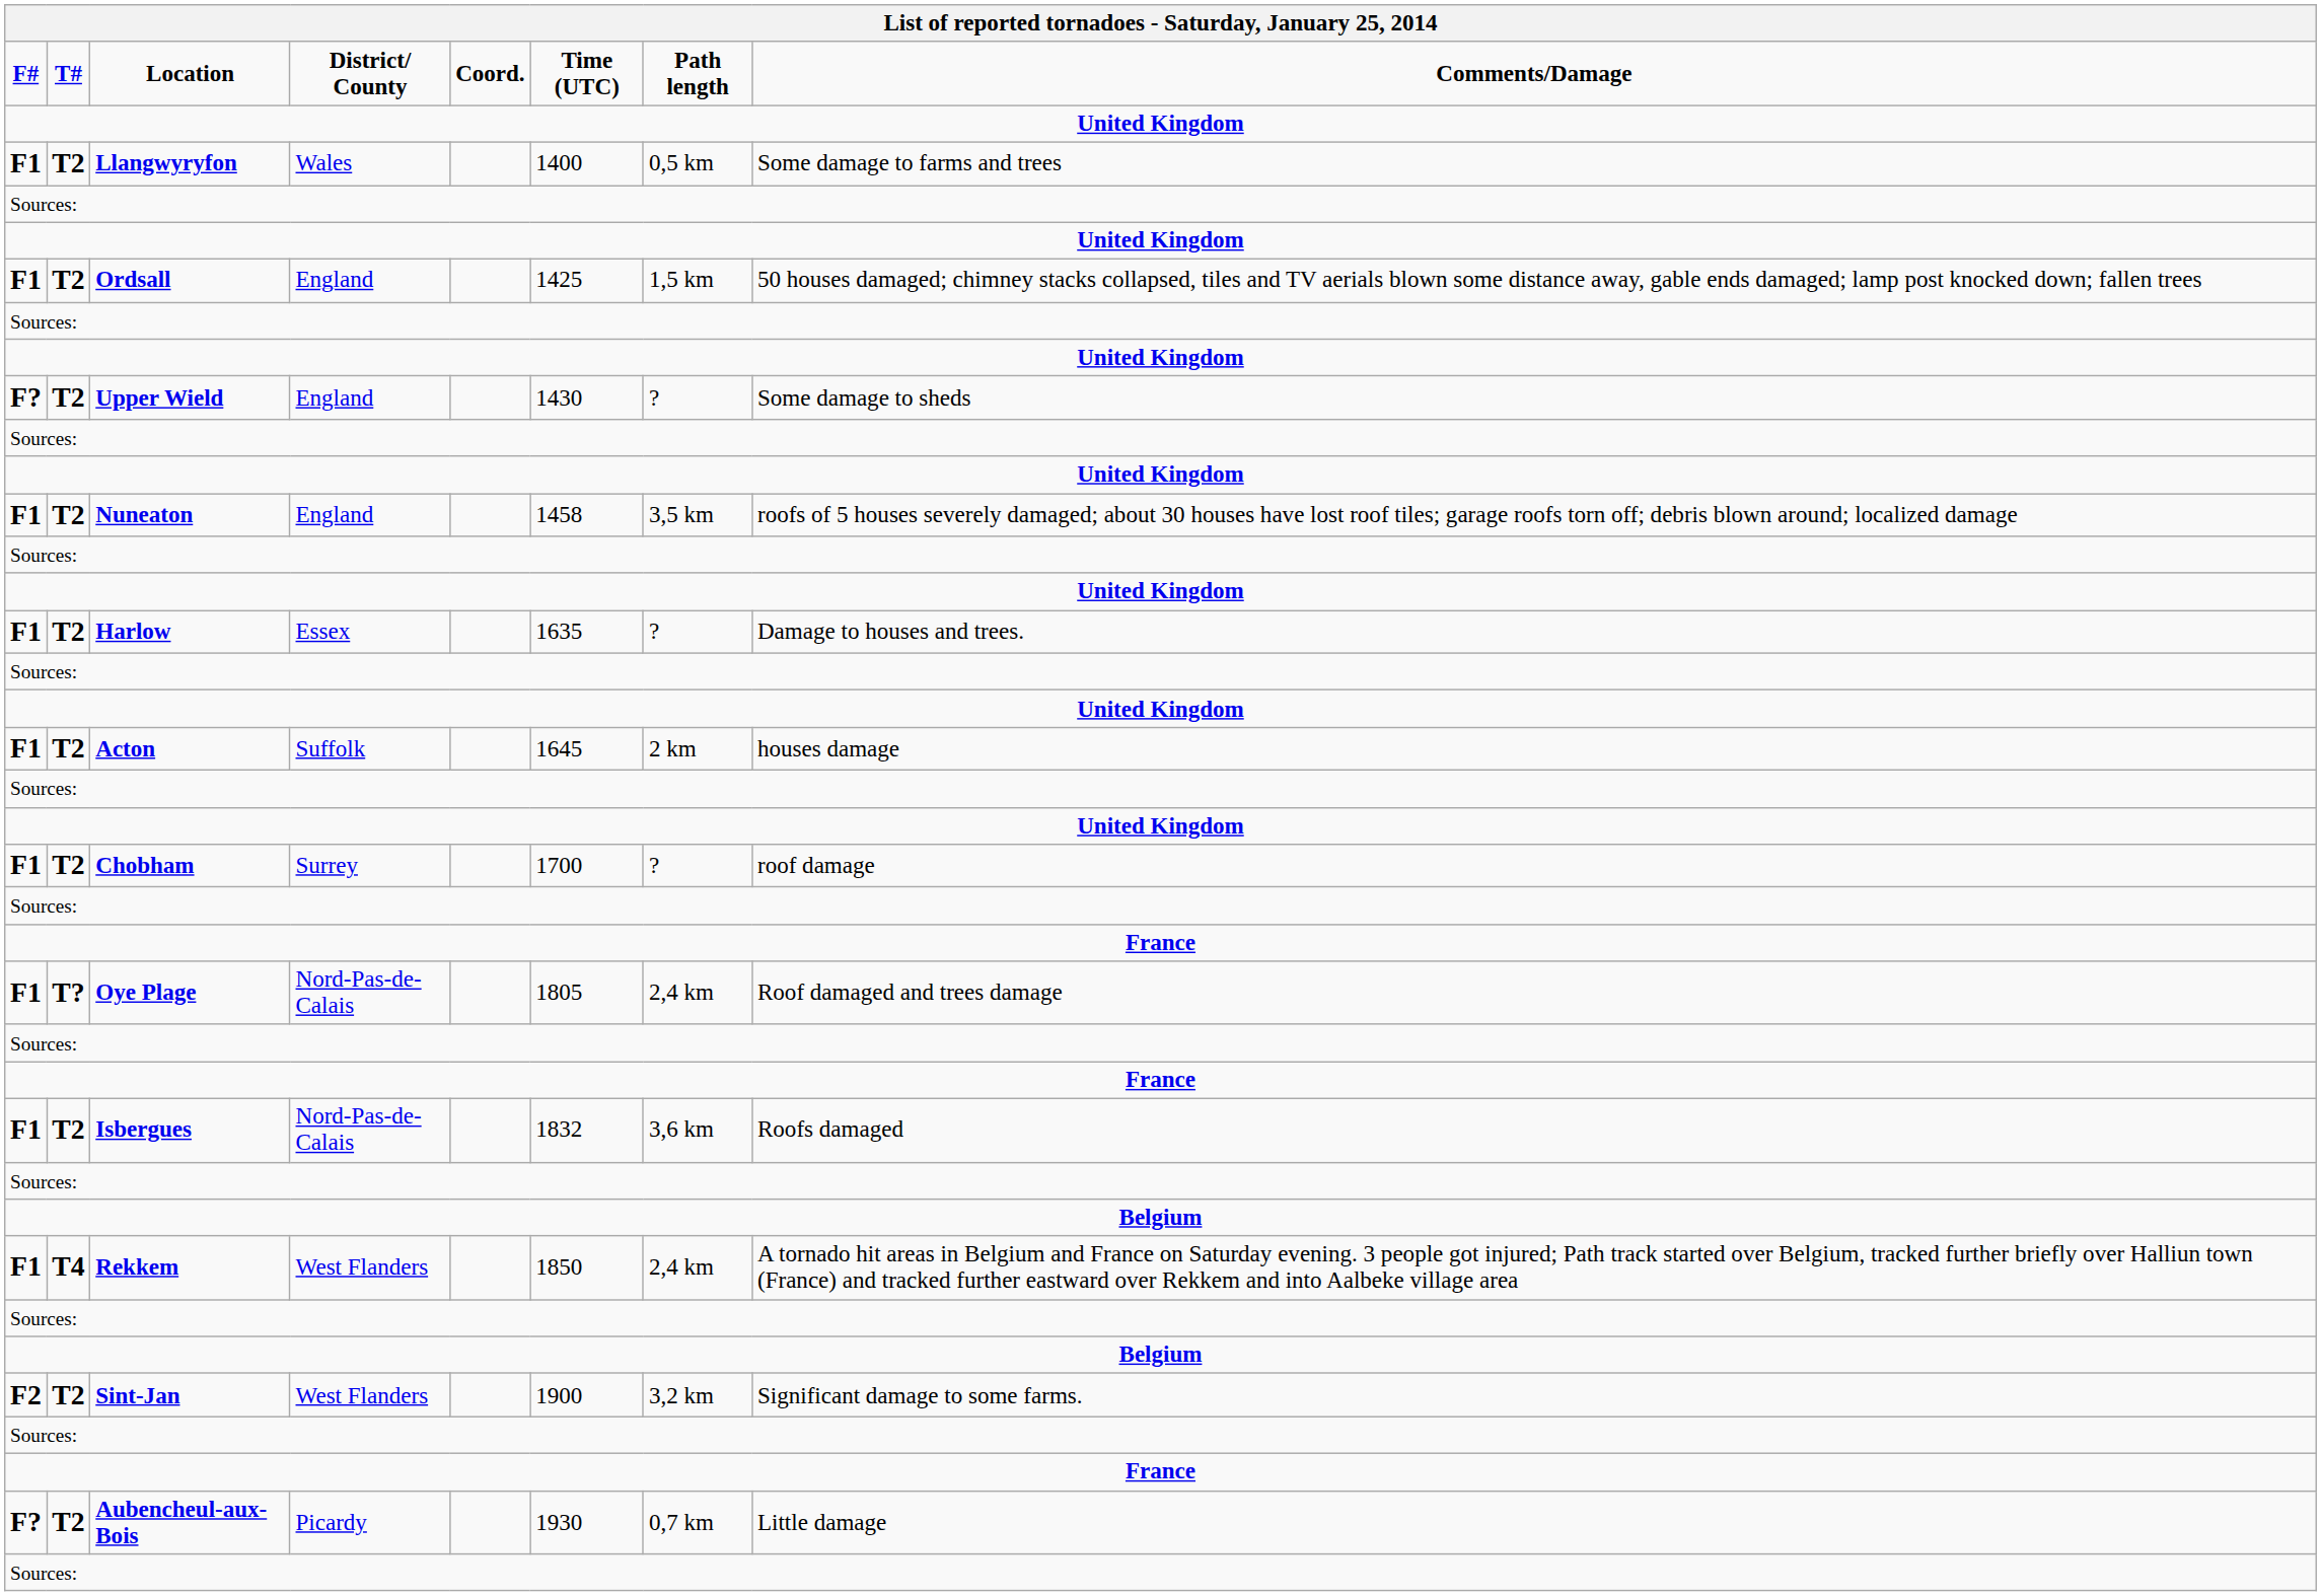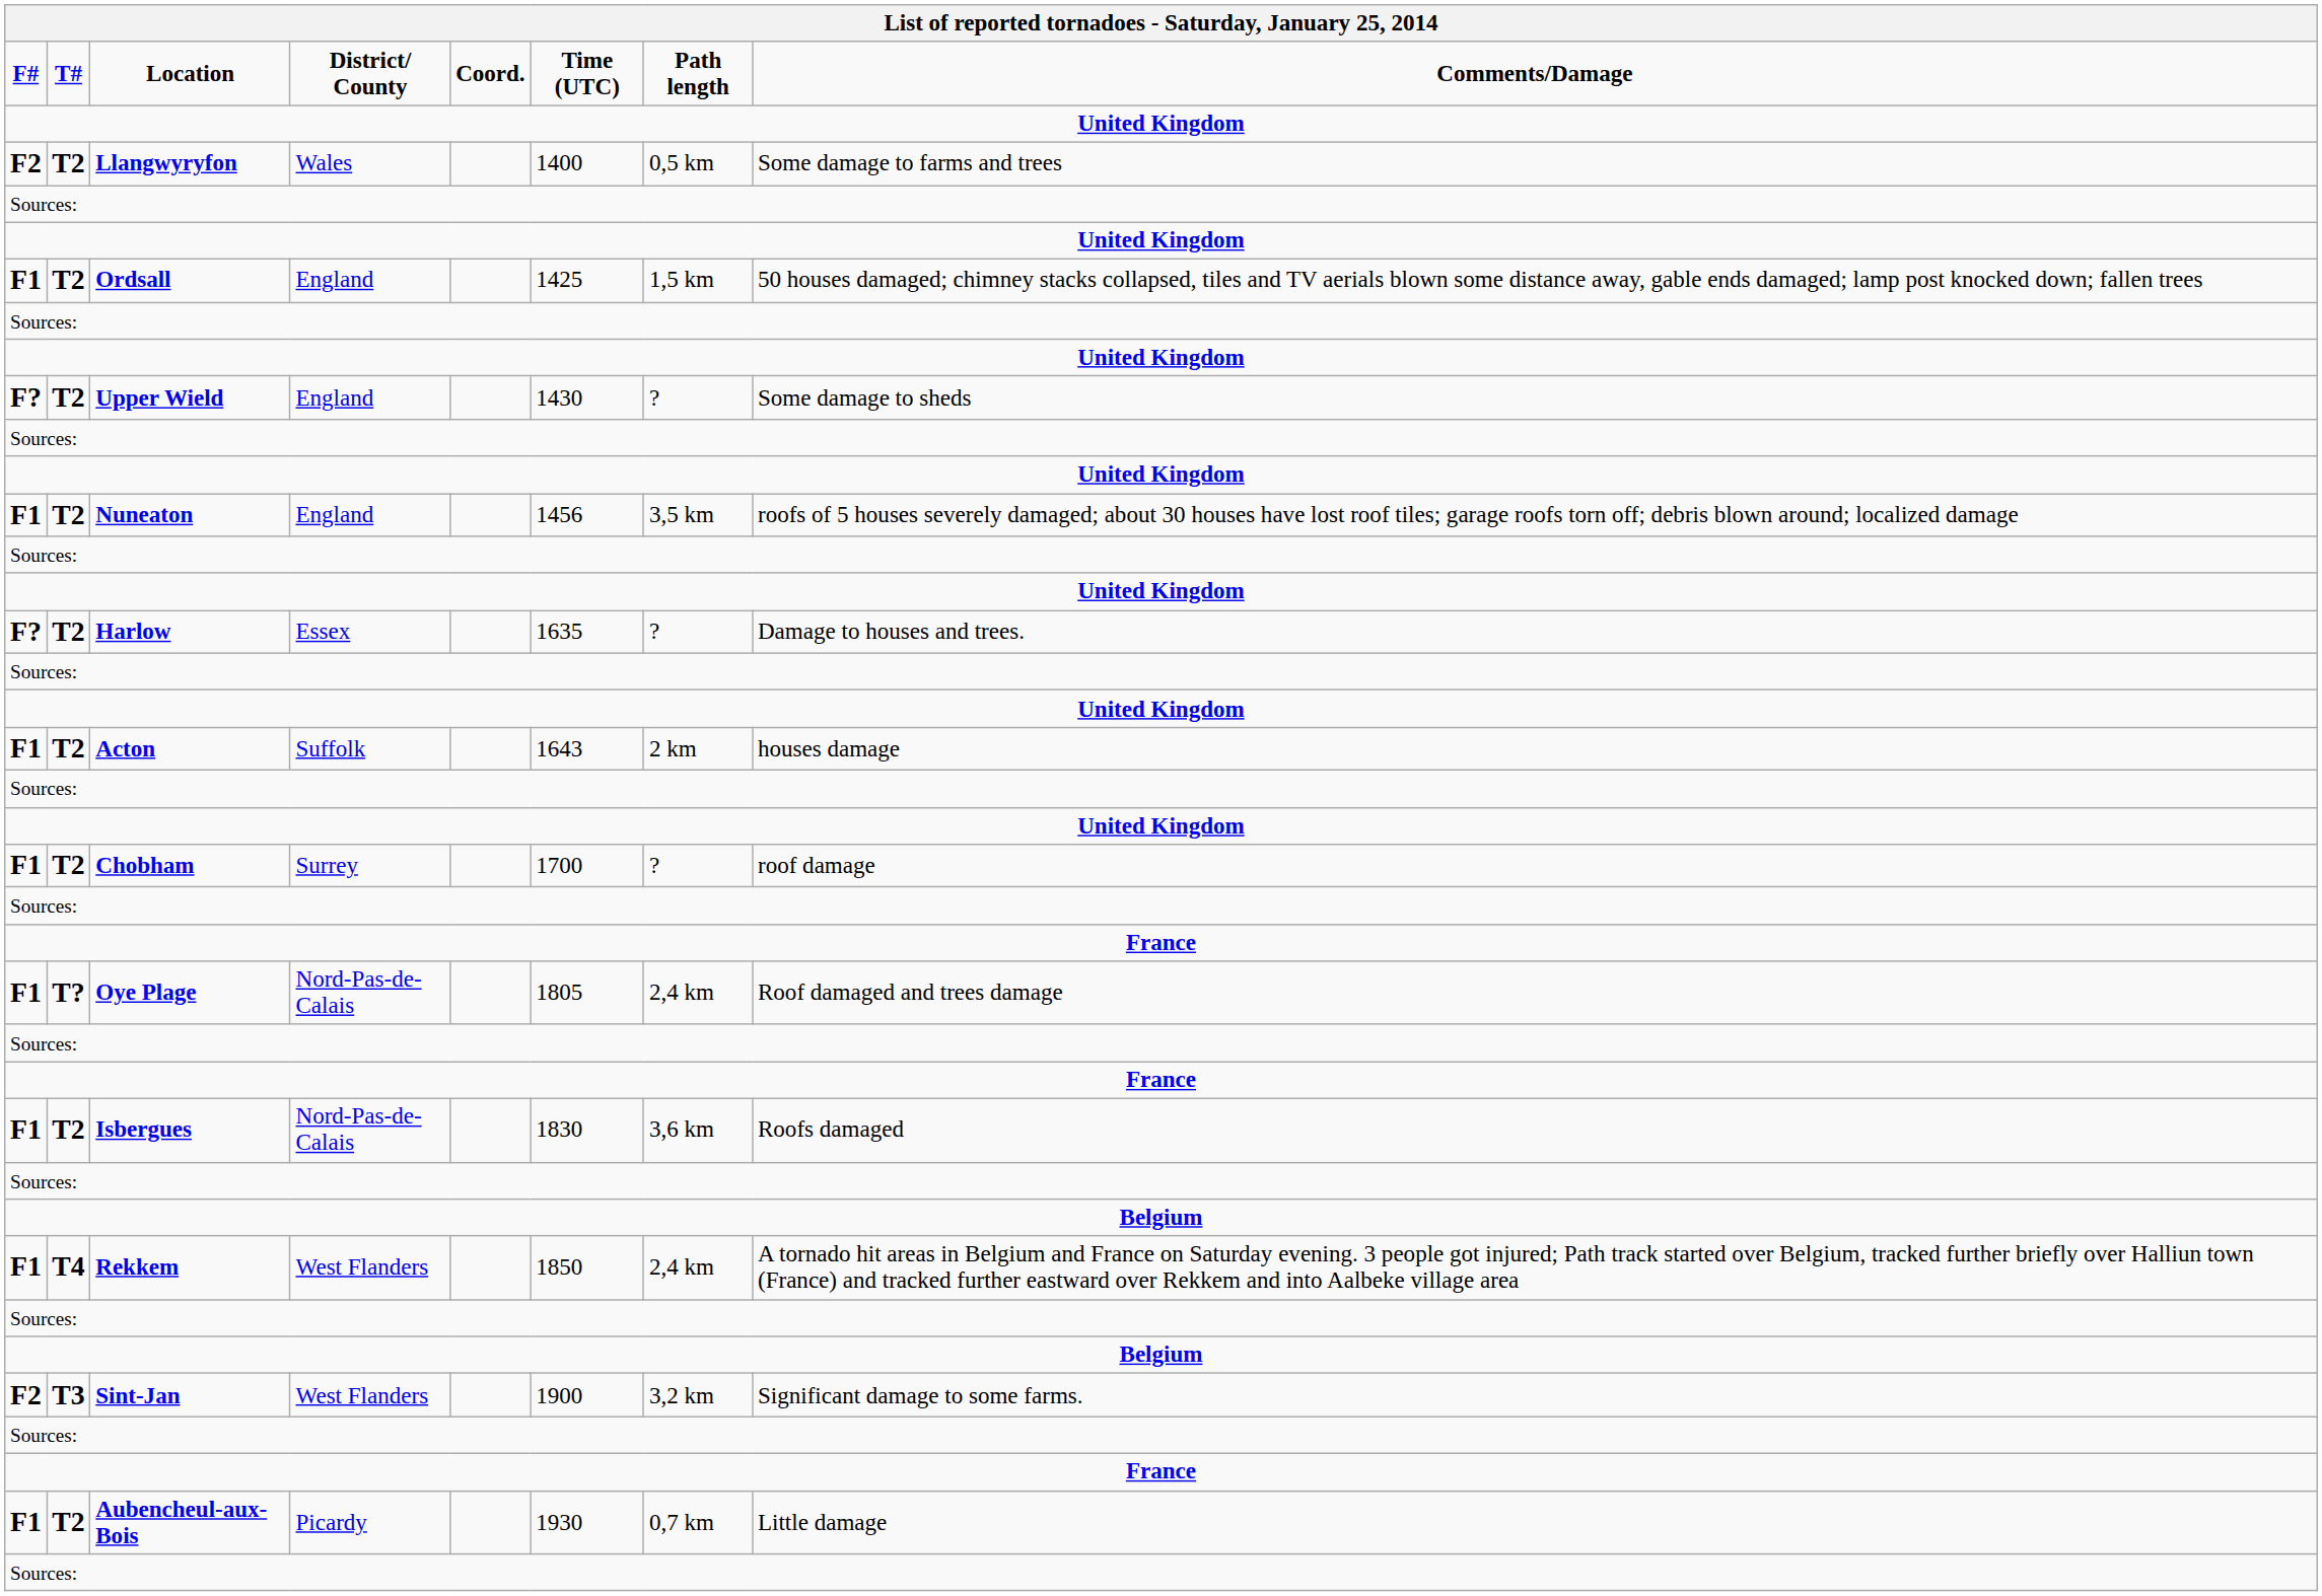 <table class="wikitable collapsible" width="100%">
 <tr>
 <th colspan="8">List of reported tornadoes - Saturday, January 25, 2014</th>
 </tr>
 <tr>
 <td style="text-align: center;"><strong><a href='#'>F#</a></strong></td>
 <td style="text-align: center;"><strong><a href='#'>T#</a></strong></td>
 <td style="text-align: center;"><strong>Location</strong></td>
 <td style="text-align: center;"><strong>District/<br>County</strong></td>
 <td style="text-align: center;"><strong>Coord.</strong></td>
 <td style="text-align: center;"><strong>Time (UTC)</strong></td>
 <td style="text-align: center;"><strong>Path length</strong></td>
 <td style="text-align: center;"><strong>Comments/Damage</strong></td>
 </tr>
 <tr>
 <td colspan="8" align=center><strong><a href='#'>United Kingdom</a></strong></td>
 </tr>
 <tr>
-<td><big><strong>F1</strong></big></td>
+<td><big><strong>F2</strong></big></td>
 <td><big><strong>T2</strong></big></td>
 <td><strong><a href='#'>Llangwyryfon</a></strong></td>
 <td><a href='#'>Wales</a></td>
 <td></td>
 <td>1400</td>
 <td>0,5 km</td>
 <td>Some damage to farms and trees</td>
 </tr>
 <tr>
 <td colspan="8"><small>Sources:</small></td>
 </tr>
 <tr>
 <td colspan="8" align=center><strong><a href='#'>United Kingdom</a></strong></td>
 </tr>
 <tr>
 <td><big><strong>F1</strong></big></td>
 <td><big><strong>T2</strong></big></td>
 <td><strong><a href='#'>Ordsall</a></strong></td>
 <td><a href='#'>England</a></td>
 <td></td>
 <td>1425</td>
 <td>1,5 km</td>
 <td>50 houses damaged; chimney stacks collapsed, tiles and TV aerials blown some distance away, gable ends damaged; lamp post knocked down; fallen trees</td>
 </tr>
 <tr>
 <td colspan="8"><small>Sources:</small></td>
 </tr>
 <tr>
 <td colspan="8" align=center><strong><a href='#'>United Kingdom</a></strong></td>
 </tr>
 <tr>
 <td><big><strong>F?</strong></big></td>
 <td><big><strong>T2</strong></big></td>
 <td><strong><a href='#'>Upper Wield</a></strong></td>
 <td><a href='#'>England</a></td>
 <td></td>
 <td>1430</td>
 <td>?</td>
 <td>Some damage to sheds</td>
 </tr>
 <tr>
 <td colspan="8"><small>Sources:</small></td>
 </tr>
 <tr>
 <td colspan="8" align=center><strong><a href='#'>United Kingdom</a></strong></td>
 </tr>
 <tr>
 <td><big><strong>F1</strong></big></td>
 <td><big><strong>T2</strong></big></td>
 <td><strong><a href='#'>Nuneaton</a></strong></td>
 <td><a href='#'>England</a></td>
 <td></td>
-<td>1458</td>
+<td>1456</td>
 <td>3,5 km</td>
 <td>roofs of 5 houses severely damaged; about 30 houses have lost roof tiles; garage roofs torn off; debris blown around; localized damage</td>
 </tr>
 <tr>
 <td colspan="8"><small>Sources:</small></td>
 </tr>
 <tr>
 <td colspan="8" align=center><strong><a href='#'>United Kingdom</a></strong></td>
 </tr>
 <tr>
-<td><big><strong>F1</strong></big></td>
+<td><big><strong>F?</strong></big></td>
 <td><big><strong>T2</strong></big></td>
 <td><strong><a href='#'>Harlow</a></strong></td>
 <td><a href='#'>Essex</a></td>
 <td></td>
 <td>1635</td>
 <td>?</td>
 <td>Damage to houses and trees.</td>
 </tr>
 <tr>
 <td colspan="8"><small>Sources:</small></td>
 </tr>
 <tr>
 <td colspan="8" align=center><strong><a href='#'>United Kingdom</a></strong></td>
 </tr>
 <tr>
 <td><big><strong>F1</strong></big></td>
 <td><big><strong>T2</strong></big></td>
 <td><strong><a href='#'>Acton</a></strong></td>
 <td><a href='#'>Suffolk</a></td>
 <td></td>
-<td>1645</td>
+<td>1643</td>
 <td>2 km</td>
 <td>houses damage</td>
 </tr>
 <tr>
 <td colspan="8"><small>Sources:</small></td>
 </tr>
 <tr>
 <td colspan="8" align=center><strong><a href='#'>United Kingdom</a></strong></td>
 </tr>
 <tr>
 <td><big><strong>F1</strong></big></td>
 <td><big><strong>T2</strong></big></td>
 <td><strong><a href='#'>Chobham</a></strong></td>
 <td><a href='#'>Surrey</a></td>
 <td></td>
 <td>1700</td>
 <td>?</td>
 <td>roof damage</td>
 </tr>
 <tr>
 <td colspan="8"><small>Sources:</small></td>
 </tr>
 <tr>
 <td colspan="8" align=center><strong><a href='#'>France</a></strong></td>
 </tr>
 <tr>
 <td><big><strong>F1</strong></big></td>
 <td><big><strong>T?</strong></big></td>
 <td><strong><a href='#'>Oye Plage</a></strong></td>
 <td><a href='#'>Nord-Pas-de-Calais</a></td>
 <td></td>
 <td>1805</td>
 <td>2,4 km</td>
 <td>Roof damaged and trees damage</td>
 </tr>
 <tr>
 <td colspan="8"><small>Sources:</small></td>
 </tr>
 <tr>
 <td colspan="8" align=center><strong><a href='#'>France</a></strong></td>
 </tr>
 <tr>
 <td><big><strong>F1</strong></big></td>
 <td><big><strong>T2</strong></big></td>
 <td><strong><a href='#'>Isbergues</a></strong></td>
 <td><a href='#'>Nord-Pas-de-Calais</a></td>
 <td></td>
-<td>1832</td>
+<td>1830</td>
 <td>3,6 km</td>
 <td>Roofs damaged</td>
 </tr>
 <tr>
 <td colspan="8"><small>Sources:</small></td>
 </tr>
 <tr>
 <td colspan="8" align=center><strong><a href='#'>Belgium</a></strong></td>
 </tr>
 <tr>
 <td><big><strong>F1</strong></big></td>
 <td><big><strong>T4</strong></big></td>
 <td><strong><a href='#'>Rekkem</a></strong></td>
 <td><a href='#'>West Flanders</a></td>
 <td></td>
 <td>1850</td>
 <td>2,4 km</td>
 <td>A tornado hit areas in Belgium and France on Saturday evening. 3 people got injured; Path track started over Belgium, tracked further briefly over Halliun town (France) and tracked further eastward over Rekkem and into Aalbeke village area</td>
 </tr>
 <tr>
 <td colspan="8"><small>Sources:</small></td>
 </tr>
 <tr>
 <td colspan="8" align=center><strong><a href='#'>Belgium</a></strong></td>
 </tr>
 <tr>
 <td><big><strong>F2</strong></big></td>
-<td><big><strong>T2</strong></big></td>
+<td><big><strong>T3</strong></big></td>
 <td><strong><a href='#'>Sint-Jan</a></strong></td>
 <td><a href='#'>West Flanders</a></td>
 <td></td>
 <td>1900</td>
 <td>3,2 km</td>
 <td>Significant damage to some farms.</td>
 </tr>
 <tr>
 <td colspan="8"><small>Sources:</small></td>
 </tr>
 <tr>
 <td colspan="8" align=center><strong><a href='#'>France</a></strong></td>
 </tr>
 <tr>
-<td><big><strong>F?</strong></big></td>
+<td><big><strong>F1</strong></big></td>
 <td><big><strong>T2</strong></big></td>
 <td><strong><a href='#'>Aubencheul-aux-Bois</a></strong></td>
 <td><a href='#'>Picardy</a></td>
 <td></td>
 <td>1930</td>
 <td>0,7 km</td>
 <td>Little damage</td>
 </tr>
 <tr>
 <td colspan="8"><small>Sources:</small></td>
 </tr>
 </table>
